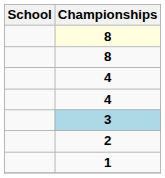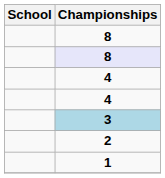 <table class="wikitable sortable" style="text-align:center">
 <tr>
 <th>School</th>
 <th>Championships</th>
 </tr>
 <tr>
 <td><strong><a href='#'></a></strong></td>
-<td style="background: lightyellow;"><strong>8</strong></td>
+<td><strong>8</strong></td>
 </tr>
 <tr>
 <td><strong><a href='#'></a></strong></td>
-<td><strong>8</strong></td>
+<td style="background: lavender;"><strong>8</strong></td>
 </tr>
 <tr>
 <td><strong><a href='#'></a></strong></td>
 <td><strong>4</strong></td>
 </tr>
 <tr>
 <td><strong><a href='#'></a></strong></td>
 <td><strong>4</strong></td>
 </tr>
 <tr>
 <td><strong><a href='#'></a></strong></td>
 <td style="background: lightblue;"><strong>3</strong></td>
 </tr>
 <tr>
 <td><strong><a href='#'></a></strong></td>
 <td><strong>2</strong></td>
 </tr>
 <tr>
 <td><strong><a href='#'></a></strong></td>
 <td><strong>1</strong></td>
 </tr>
 <tr>
 </tr>
 </table>
